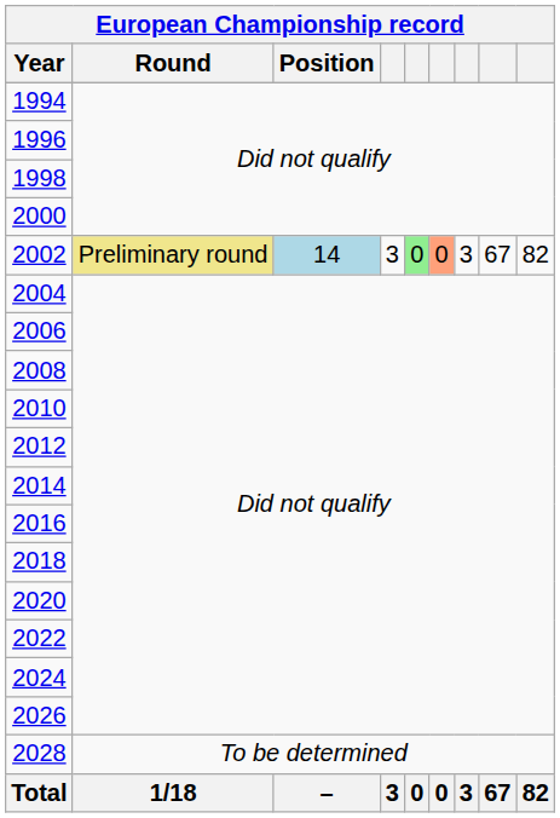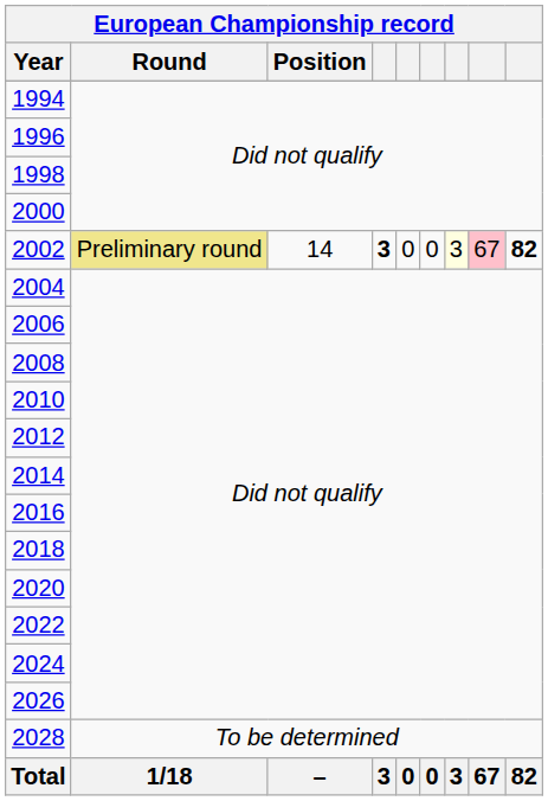 <table class="wikitable" style="text-align: center;">
 <tr>
 <th colspan=9><a href='#'>European Championship record</a></th>
 </tr>
 <tr>
 <th>Year</th>
 <th>Round</th>
 <th>Position</th>
 <th></th>
 <th></th>
 <th></th>
 <th></th>
 <th></th>
 <th></th>
 </tr>
 <tr>
 </tr>
 <tr>
 <td> <a href='#'>1994</a></td>
 <td colspan="8" rowspan="4"><em>Did not qualify</em></td>
 </tr>
 <tr>
 <td> <a href='#'>1996</a></td>
 </tr>
 <tr>
 <td> <a href='#'>1998</a></td>
 </tr>
 <tr>
 <td> <a href='#'>2000</a></td>
 </tr>
 <tr>
 <td> <a href='#'>2002</a></td>
 <td style="background: khaki;">Preliminary round</td>
-<td style="background: lightblue;">14</td>
-<td>3</td>
-<td style="background: lightgreen;">0</td>
-<td style="background: lightsalmon;">0</td>
-<td>3</td>
-<td>67</td>
-<td>82</td>
+<td>14</td>
+<td><strong>3</strong></td>
+<td>0</td>
+<td>0</td>
+<td style="background: lightyellow;">3</td>
+<td style="background: pink;">67</td>
+<td><strong>82</strong></td>
 </tr>
 <tr>
 <td> <a href='#'>2004</a></td>
 <td colspan="8" rowspan="12"><em>Did not qualify</em></td>
 </tr>
 <tr>
 <td> <a href='#'>2006</a></td>
 </tr>
 <tr>
 <td> <a href='#'>2008</a></td>
 </tr>
 <tr>
 <td> <a href='#'>2010</a></td>
 </tr>
 <tr>
 <td> <a href='#'>2012</a></td>
 </tr>
 <tr>
 <td> <a href='#'>2014</a></td>
 </tr>
 <tr>
 <td> <a href='#'>2016</a></td>
 </tr>
 <tr>
 <td> <a href='#'>2018</a></td>
 </tr>
 <tr>
 <td> <a href='#'>2020</a></td>
 </tr>
 <tr>
 <td> <a href='#'>2022</a></td>
 </tr>
 <tr>
 <td> <a href='#'>2024</a></td>
 </tr>
 <tr>
 <td> <a href='#'>2026</a></td>
 </tr>
 <tr>
 <td> <a href='#'>2028</a></td>
 <td colspan="8"><em>To be determined</em></td>
 </tr>
 <tr>
 <th>Total</th>
 <th>1/18</th>
 <th>–</th>
 <th>3</th>
 <th>0</th>
 <th>0</th>
 <th>3</th>
 <th>67</th>
 <th>82</th>
 </tr>
 </table>
